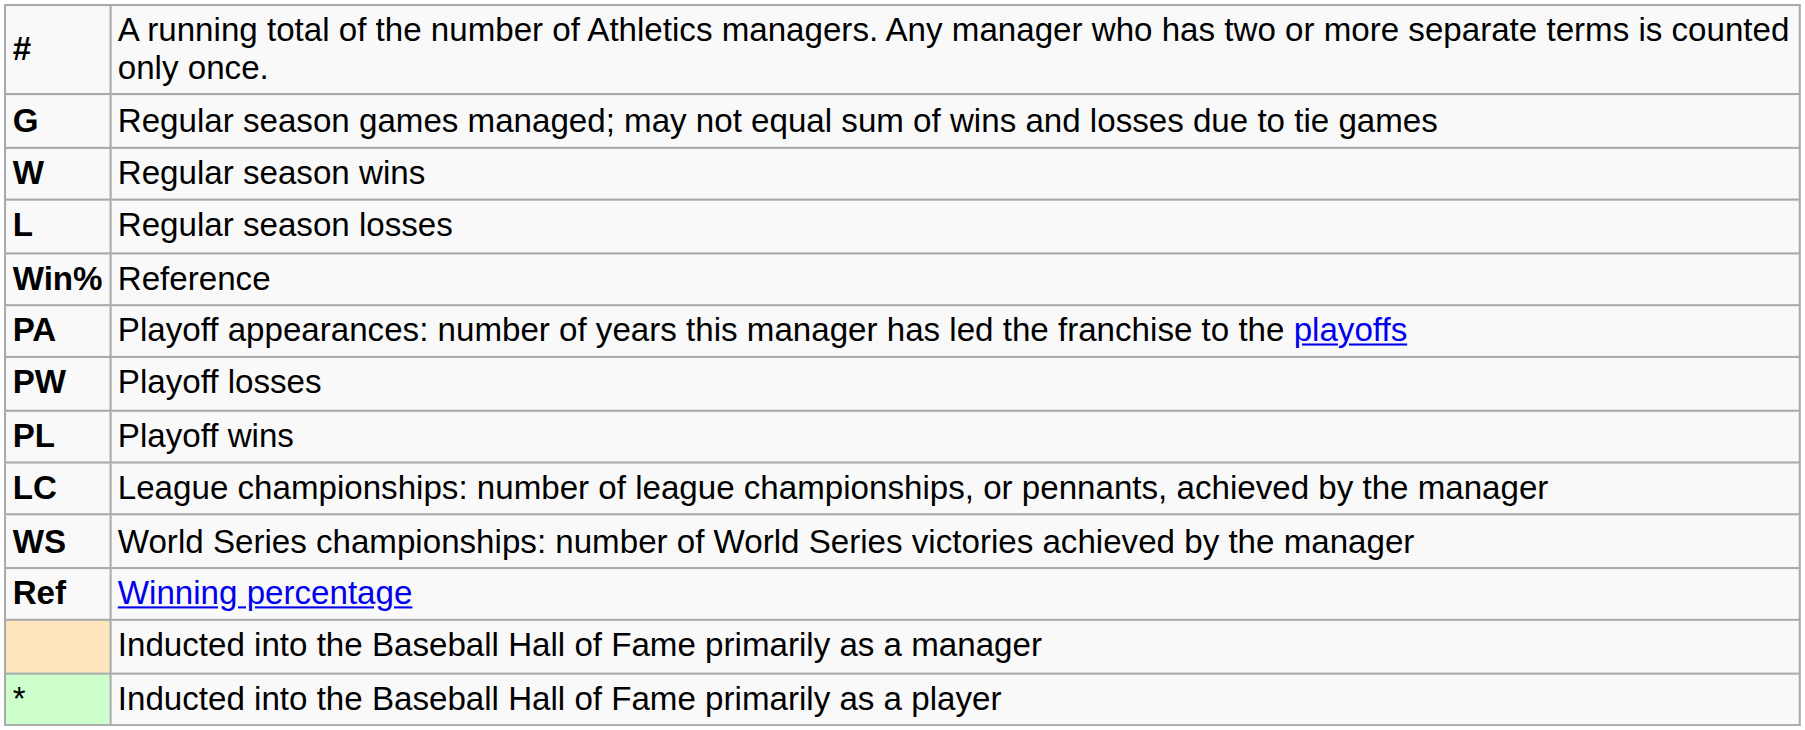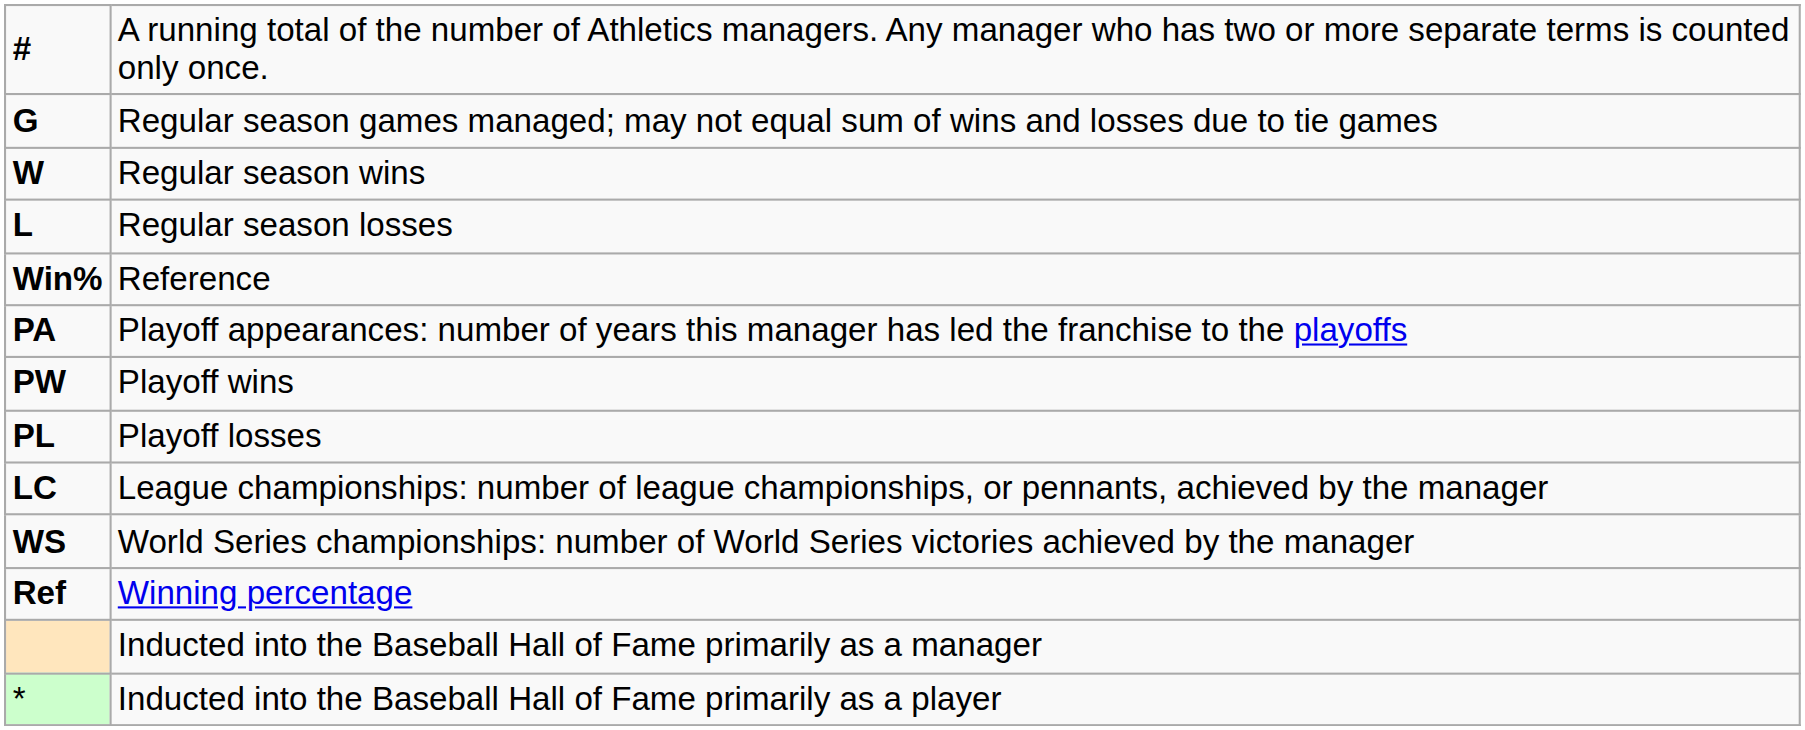 <table class="wikitable" style="font-size:100%;">
 <tr>
 <td><strong>#</strong></td>
 <td>A running total of the number of Athletics managers. Any manager who has two or more separate terms is counted only once.</td>
 </tr>
 <tr>
 <td><strong>G</strong></td>
 <td>Regular season games managed; may not equal sum of wins and losses due to tie games</td>
 </tr>
 <tr>
 <td><strong>W</strong></td>
 <td>Regular season wins</td>
 </tr>
 <tr>
 <td><strong>L</strong></td>
 <td>Regular season losses</td>
 </tr>
 <tr>
 <td><strong>Win%</strong></td>
 <td>Reference</td>
 </tr>
 <tr>
 <td><strong>PA</strong></td>
 <td>Playoff appearances: number of years this manager has led the franchise to the <a href='#'>playoffs</a></td>
 </tr>
 <tr>
 <td><strong>PW</strong></td>
-<td>Playoff losses</td>
+<td>Playoff wins</td>
 </tr>
 <tr>
 <td><strong>PL</strong></td>
-<td>Playoff wins</td>
+<td>Playoff losses</td>
 </tr>
 <tr>
 <td><strong>LC</strong></td>
 <td>League championships: number of league championships, or pennants, achieved by the manager</td>
 </tr>
 <tr>
 <td><strong>WS</strong></td>
 <td>World Series championships: number of World Series victories achieved by the manager</td>
 </tr>
 <tr>
 <td><strong>Ref</strong></td>
 <td><a href='#'>Winning percentage</a></td>
 </tr>
 <tr>
 <td style="background-color:#ffe6bd"></td>
 <td>Inducted into the Baseball Hall of Fame primarily as a manager</td>
 </tr>
 <tr>
 <td style="background-color:#ccffcc">*</td>
 <td>Inducted into the Baseball Hall of Fame primarily as a player</td>
 </tr>
 <tr>
 </tr>
 </table>
